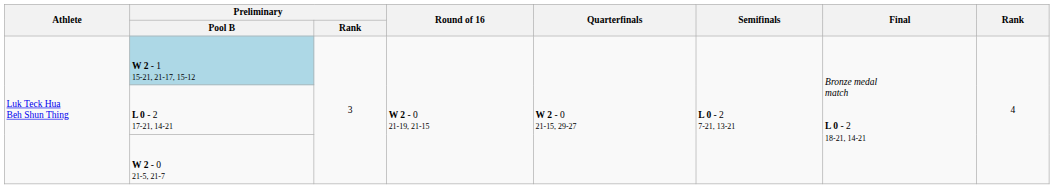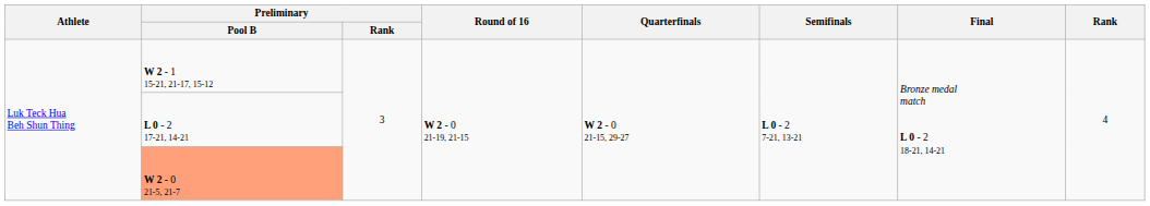 <table class=wikitable width="100%" style="font-size:90%; text-align:center">
 <tr>
 <th rowspan="2" width="12%">Athlete</th>
 <th colspan="2">Preliminary</th>
 <th rowspan="2">Round of 16</th>
 <th rowspan="2">Quarterfinals</th>
 <th rowspan="2">Semifinals</th>
 <th rowspan="2">Final</th>
 <th rowspan="2">Rank</th>
 </tr>
 <tr>
 <th>Pool B</th>
 <th>Rank</th>
 </tr>
 <tr>
 <td rowspan=3 align=left><a href='#'>Luk Teck Hua</a><br><a href='#'>Beh Shun Thing</a></td>
-<td align=left style="background: lightblue;"><br><br><strong>W 2</strong> - 1<br><small>15-21, 21-17, 15-12</small></td>
+<td align=left><br><br><strong>W 2</strong> - 1<br><small>15-21, 21-17, 15-12</small></td>
 <td rowspan=3>3 <strong></strong></td>
 <td align=left rowspan=3><br><br><strong>W 2</strong> - 0<br><small>21-19, 21-15</small></td>
 <td align=left rowspan=3><br><br><strong>W 2</strong> - 0<br><small>21-15, 29-27</small></td>
 <td align=left rowspan=3><br><br><strong>L 0</strong> - 2<br><small>7-21, 13-21</small></td>
 <td align=left rowspan=3><em>Bronze medal<br>match</em><br><br><br><strong>L 0</strong> - 2<br><small>18-21, 14-21</small></td>
 <td rowspan=3>4</td>
 </tr>
 <tr>
 <td align=left><br><br><strong>L 0</strong> - 2<br><small>17-21, 14-21</small></td>
 </tr>
 <tr>
-<td align=left><br><br><strong>W 2</strong> - 0<br><small>21-5, 21-7</small></td>
+<td align=left style="background: lightsalmon;"><br><br><strong>W 2</strong> - 0<br><small>21-5, 21-7</small></td>
 </tr>
 </table>
